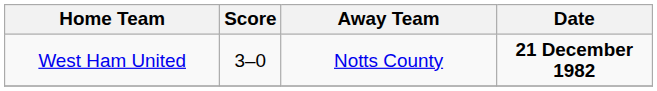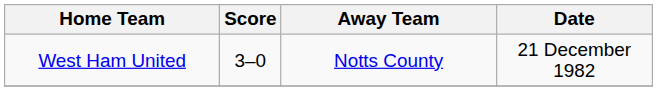 <table class="wikitable" style="text-align:center;">
 <tr>
 <th width=175>Home Team</th>
 <th width=20>Score</th>
 <th width=175>Away Team</th>
 <th width=125>Date</th>
 </tr>
 <tr>
 <td><a href='#'>West Ham United</a></td>
 <td>3–0</td>
 <td><a href='#'>Notts County</a></td>
-<td><strong>21 December 1982</strong></td>
+<td>21 December 1982</td>
 </tr>
 <tr>
 </tr>
 </table>
